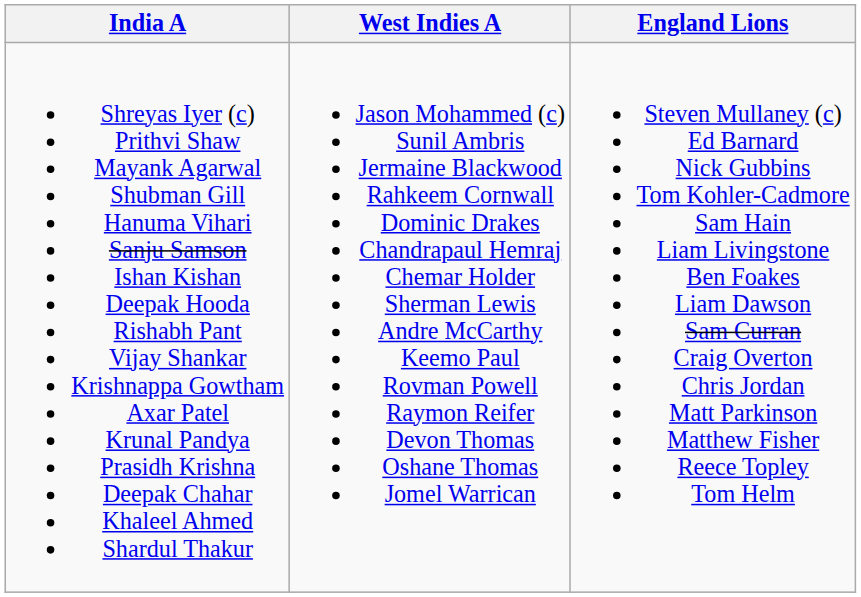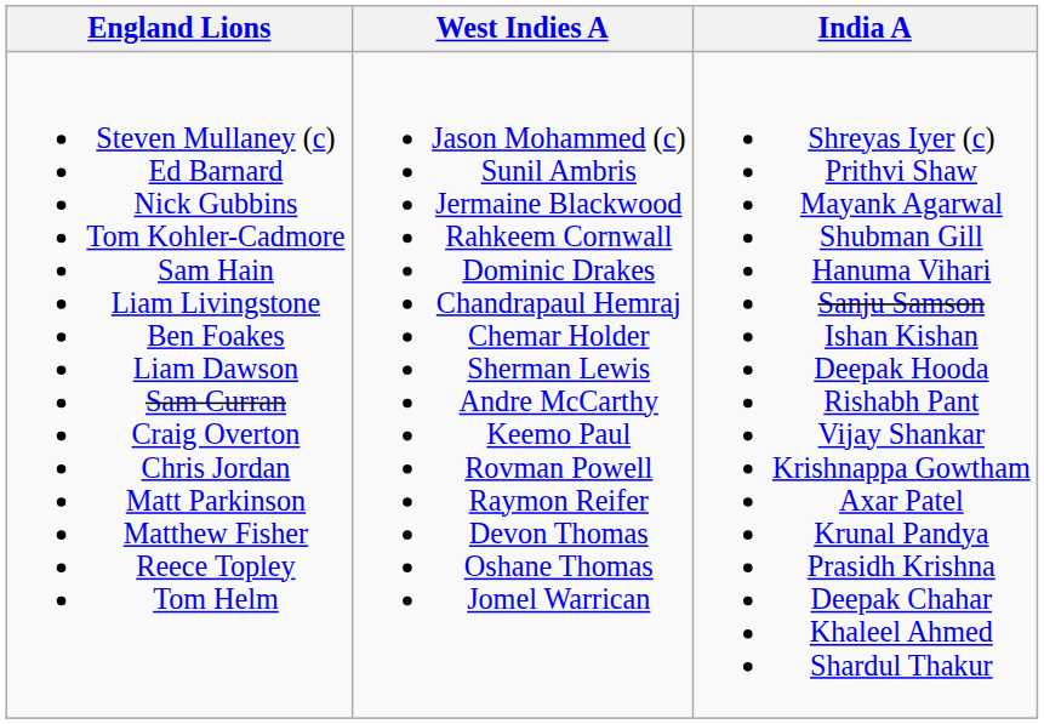 <table class="wikitable" style="text-align:center; margin:auto">
 <tr>
+<th><a href='#'>England Lions</a> </th>
+<th><a href='#'>West Indies A</a> </th>
 <th><a href='#'>India A</a> </th>
-<th><a href='#'>West Indies A</a> </th>
-<th><a href='#'>England Lions</a> </th>
 </tr>
 <tr style="vertical-align:top">
+<td><br><ul><li><a href='#'>Steven Mullaney</a> (<a href='#'>c</a>)</li><li><a href='#'>Ed Barnard</a></li><li><a href='#'>Nick Gubbins</a></li><li><a href='#'>Tom Kohler-Cadmore</a></li><li><a href='#'>Sam Hain</a></li><li><a href='#'>Liam Livingstone</a></li><li><a href='#'>Ben Foakes</a></li><li><a href='#'>Liam Dawson</a></li><li><s><a href='#'>Sam Curran</a></s></li><li><a href='#'>Craig Overton</a></li><li><a href='#'>Chris Jordan</a></li><li><a href='#'>Matt Parkinson</a></li><li><a href='#'>Matthew Fisher</a></li><li><a href='#'>Reece Topley</a></li><li><a href='#'>Tom Helm</a></li></ul></td>
+<td><br><ul><li><a href='#'>Jason Mohammed</a> (<a href='#'>c</a>)</li><li><a href='#'>Sunil Ambris</a></li><li><a href='#'>Jermaine Blackwood</a></li><li><a href='#'>Rahkeem Cornwall</a></li><li><a href='#'>Dominic Drakes</a></li><li><a href='#'>Chandrapaul Hemraj</a></li><li><a href='#'>Chemar Holder</a></li><li><a href='#'>Sherman Lewis</a></li><li><a href='#'>Andre McCarthy</a></li><li><a href='#'>Keemo Paul</a></li><li><a href='#'>Rovman Powell</a></li><li><a href='#'>Raymon Reifer</a></li><li><a href='#'>Devon Thomas</a></li><li><a href='#'>Oshane Thomas</a></li><li><a href='#'>Jomel Warrican</a></li></ul></td>
 <td><br><ul><li><a href='#'>Shreyas Iyer</a> (<a href='#'>c</a>)</li><li><a href='#'>Prithvi Shaw</a></li><li><a href='#'>Mayank Agarwal</a></li><li><a href='#'>Shubman Gill</a></li><li><a href='#'>Hanuma Vihari</a></li><li><s><a href='#'>Sanju Samson</a></s></li><li><a href='#'>Ishan Kishan</a></li><li><a href='#'>Deepak Hooda</a></li><li><a href='#'>Rishabh Pant</a></li><li><a href='#'>Vijay Shankar</a></li><li><a href='#'>Krishnappa Gowtham</a></li><li><a href='#'>Axar Patel</a></li><li><a href='#'>Krunal Pandya</a></li><li><a href='#'>Prasidh Krishna</a></li><li><a href='#'>Deepak Chahar</a></li><li><a href='#'>Khaleel Ahmed</a></li><li><a href='#'>Shardul Thakur</a></li></ul></td>
-<td><br><ul><li><a href='#'>Jason Mohammed</a> (<a href='#'>c</a>)</li><li><a href='#'>Sunil Ambris</a></li><li><a href='#'>Jermaine Blackwood</a></li><li><a href='#'>Rahkeem Cornwall</a></li><li><a href='#'>Dominic Drakes</a></li><li><a href='#'>Chandrapaul Hemraj</a></li><li><a href='#'>Chemar Holder</a></li><li><a href='#'>Sherman Lewis</a></li><li><a href='#'>Andre McCarthy</a></li><li><a href='#'>Keemo Paul</a></li><li><a href='#'>Rovman Powell</a></li><li><a href='#'>Raymon Reifer</a></li><li><a href='#'>Devon Thomas</a></li><li><a href='#'>Oshane Thomas</a></li><li><a href='#'>Jomel Warrican</a></li></ul></td>
-<td><br><ul><li><a href='#'>Steven Mullaney</a> (<a href='#'>c</a>)</li><li><a href='#'>Ed Barnard</a></li><li><a href='#'>Nick Gubbins</a></li><li><a href='#'>Tom Kohler-Cadmore</a></li><li><a href='#'>Sam Hain</a></li><li><a href='#'>Liam Livingstone</a></li><li><a href='#'>Ben Foakes</a></li><li><a href='#'>Liam Dawson</a></li><li><s><a href='#'>Sam Curran</a></s></li><li><a href='#'>Craig Overton</a></li><li><a href='#'>Chris Jordan</a></li><li><a href='#'>Matt Parkinson</a></li><li><a href='#'>Matthew Fisher</a></li><li><a href='#'>Reece Topley</a></li><li><a href='#'>Tom Helm</a></li></ul></td>
 </tr>
 </table>
